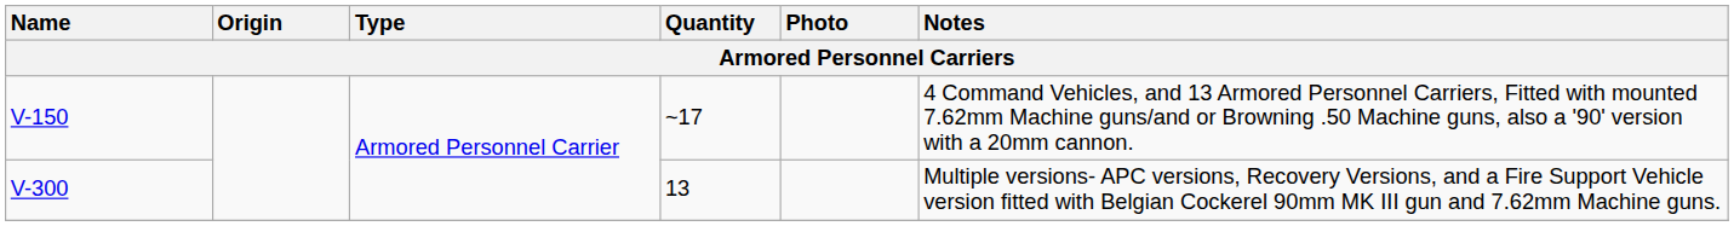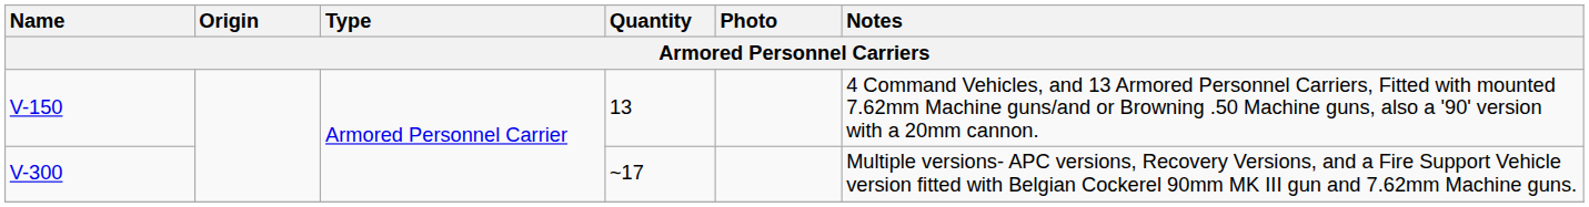 <table class="wikitable">
 <tr>
 <th style="text-align: left; width:12%;">Name</th>
 <th style="text-align: left; width:8%;">Origin</th>
 <th style="text-align: left; width:18%;">Type</th>
 <th style="text-align: left; width:7%;">Quantity</th>
 <th style="text-align: left;width:8%;">Photo</th>
 <th style="text-align: left;width:47%;">Notes</th>
 </tr>
 <tr>
 <th style="align: center;" colspan="7">Armored Personnel Carriers</th>
 </tr>
 <tr>
 <td><a href='#'>V-150</a></td>
 <td rowspan="2"></td>
 <td rowspan="2"><a href='#'>Armored Personnel Carrier</a></td>
-<td>~17</td>
+<td>13</td>
 <td></td>
 <td>4 Command Vehicles, and 13 Armored Personnel Carriers, Fitted with mounted 7.62mm Machine guns/and or Browning .50 Machine guns, also a '90' version with a 20mm cannon.</td>
 </tr>
 <tr>
 <td><a href='#'>V-300</a></td>
-<td>13</td>
+<td>~17</td>
 <td></td>
 <td>Multiple versions- APC versions, Recovery Versions, and a Fire Support Vehicle version fitted with Belgian Cockerel 90mm MK III gun and 7.62mm Machine guns.</td>
 </tr>
 <tr>
 </tr>
 </table>
